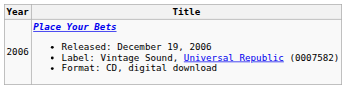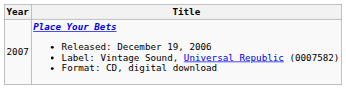 <table class="wikitable">
 <tr>
 <th align=center rowspan=1>Year</th>
 <th align=center rowspan=1>Title</th>
 </tr>
 <tr>
-<td align=center>2006</td>
+<td align=center>2007</td>
 <td align=left><strong><em><a href='#'>Place Your Bets</a></em></strong><br><ul><li>Released: December 19, 2006</li><li>Label: Vintage Sound, <a href='#'>Universal Republic</a> (0007582)</li><li>Format: CD, digital download</li></ul></td>
 </tr>
 </table>
